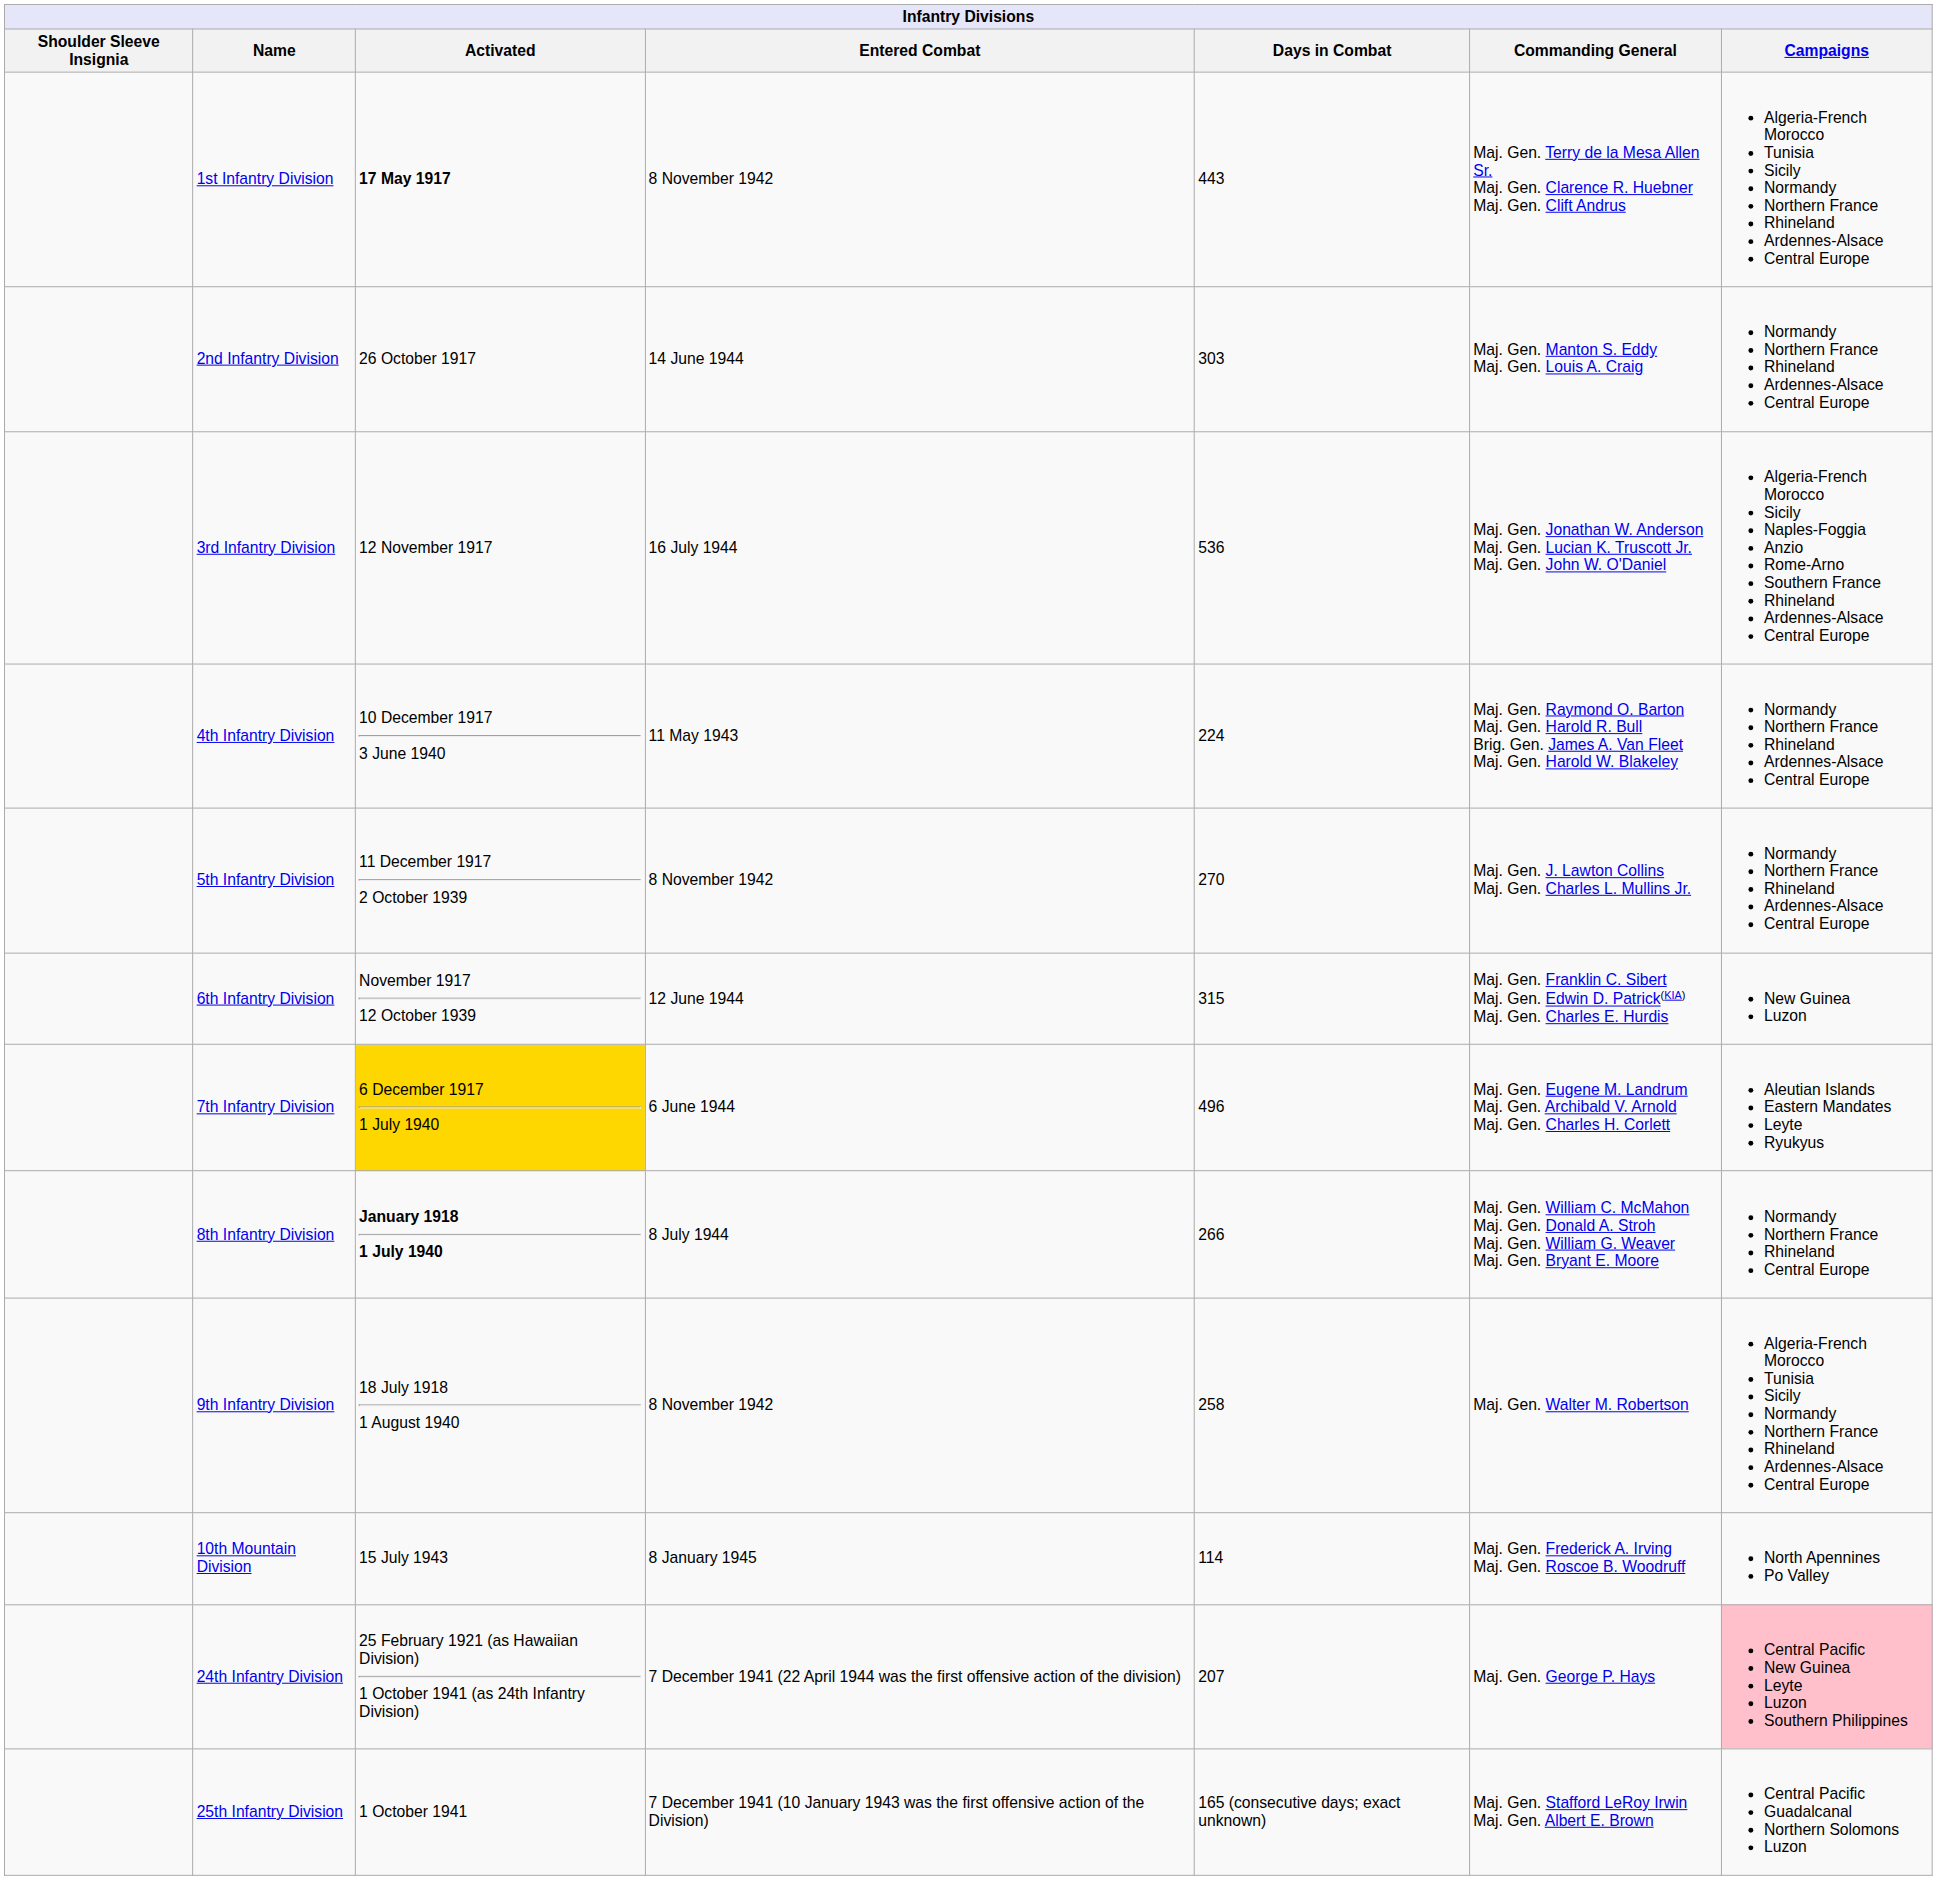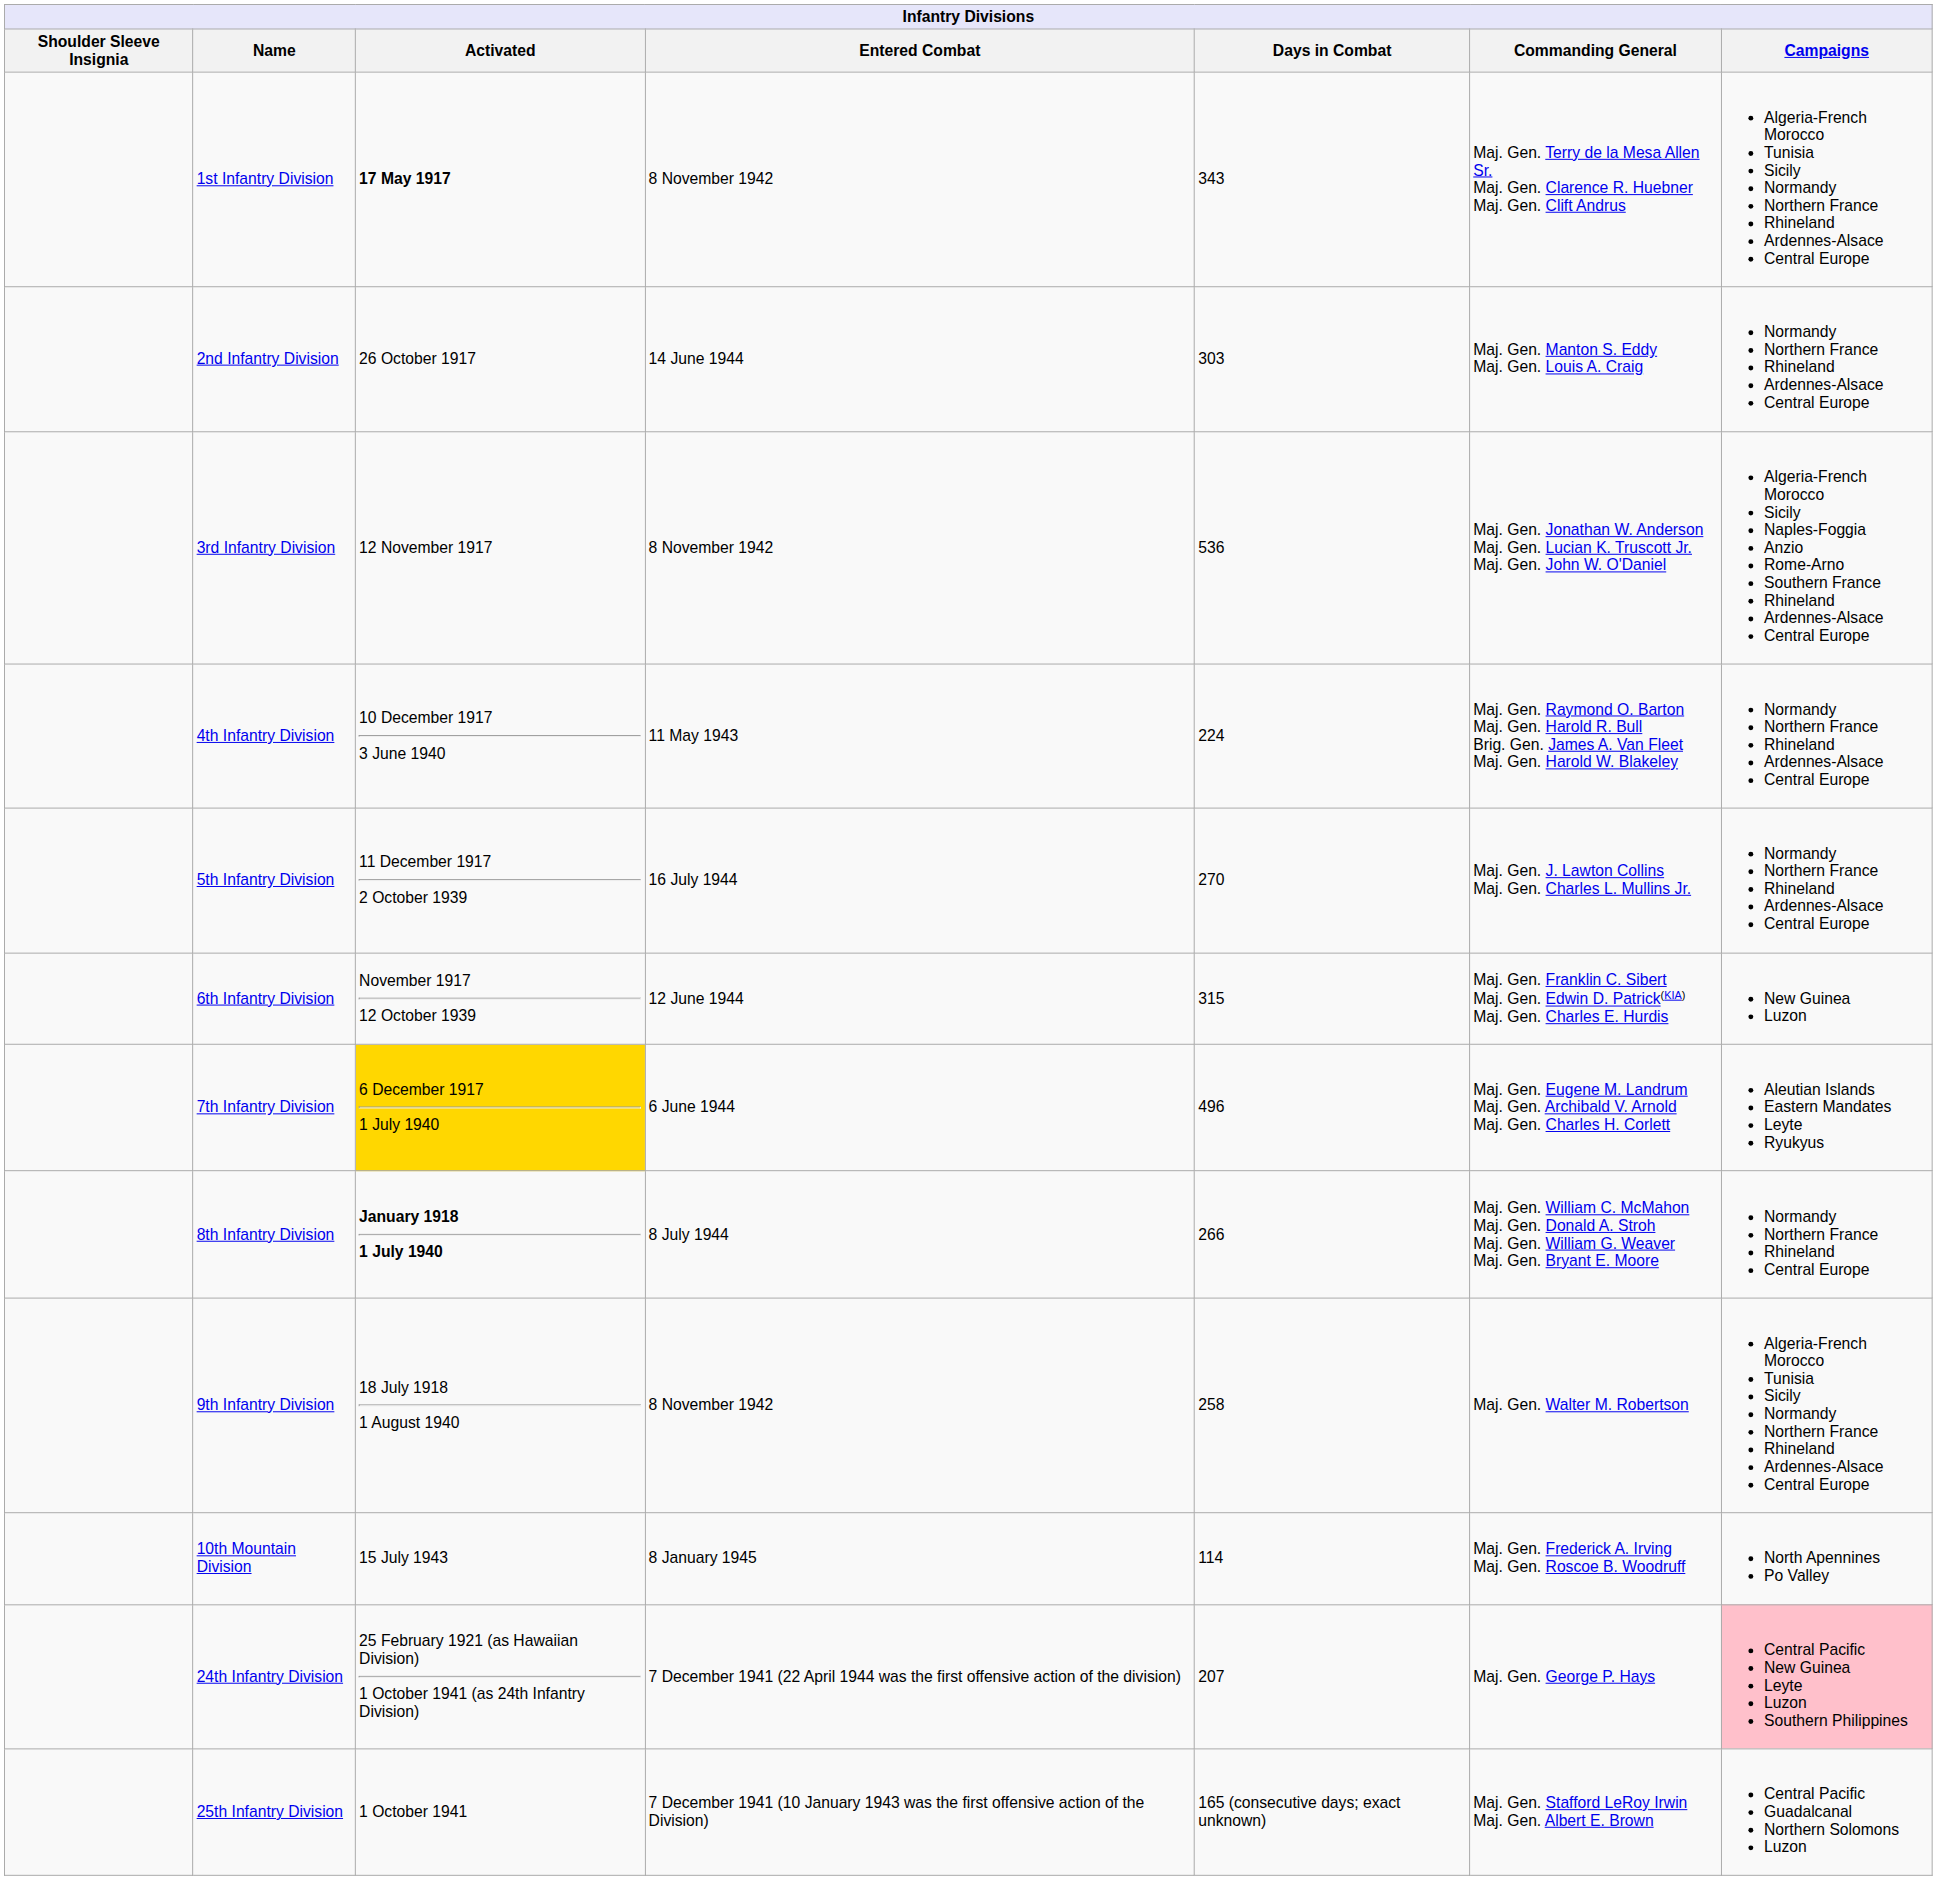 <table class="wikitable">
 <tr>
 <th style="align: center; background: lavender;" colspan="7">Infantry Divisions</th>
 </tr>
 <tr>
 <th style="text-align: center; ">Shoulder Sleeve Insignia</th>
 <th style="text-align: center; ">Name</th>
 <th style="text-align: center; ">Activated</th>
 <th style="text-align: center; ">Entered Combat</th>
 <th style="text-align: center; ">Days in Combat</th>
 <th style="text-align: center; ">Commanding General</th>
 <th style="text-align: center; "><a href='#'>Campaigns</a></th>
 </tr>
 <tr>
 <td></td>
 <td><a href='#'>1st Infantry Division</a></td>
 <td><strong>17 May 1917</strong></td>
 <td>8 November 1942</td>
-<td>443</td>
+<td>343</td>
 <td>Maj. Gen. <a href='#'>Terry de la Mesa Allen Sr.</a><br>Maj. Gen. <a href='#'>Clarence R. Huebner</a><br>Maj. Gen. <a href='#'>Clift Andrus</a></td>
 <td><br><ul><li>Algeria-French Morocco</li><li>Tunisia</li><li>Sicily</li><li>Normandy</li><li>Northern France</li><li>Rhineland</li><li>Ardennes-Alsace</li><li>Central Europe</li></ul></td>
 </tr>
 <tr>
 <td></td>
 <td><a href='#'>2nd Infantry Division</a></td>
 <td>26 October 1917</td>
 <td>14 June 1944</td>
 <td>303</td>
 <td>Maj. Gen. <a href='#'>Manton S. Eddy</a><br>Maj. Gen. <a href='#'>Louis A. Craig</a></td>
 <td><br><ul><li>Normandy</li><li>Northern France</li><li>Rhineland</li><li>Ardennes-Alsace</li><li>Central Europe</li></ul></td>
 </tr>
 <tr>
 <td></td>
 <td><a href='#'>3rd Infantry Division</a></td>
 <td>12 November 1917</td>
-<td>16 July 1944</td>
+<td>8 November 1942</td>
 <td>536</td>
 <td>Maj. Gen. <a href='#'>Jonathan W. Anderson</a><br>Maj. Gen. <a href='#'>Lucian K. Truscott Jr.</a><br>Maj. Gen. <a href='#'>John W. O'Daniel</a></td>
 <td><br><ul><li>Algeria-French Morocco</li><li>Sicily</li><li>Naples-Foggia</li><li>Anzio</li><li>Rome-Arno</li><li>Southern France</li><li>Rhineland</li><li>Ardennes-Alsace</li><li>Central Europe</li></ul></td>
 </tr>
 <tr>
 <td></td>
 <td><a href='#'>4th Infantry Division</a></td>
 <td>10 December 1917 <hr> 3 June 1940</td>
 <td>11 May 1943</td>
 <td>224</td>
 <td>Maj. Gen. <a href='#'>Raymond O. Barton</a><br>Maj. Gen. <a href='#'>Harold R. Bull</a><br>Brig. Gen. <a href='#'>James A. Van Fleet</a><br>Maj. Gen. <a href='#'>Harold W. Blakeley</a></td>
 <td><br><ul><li>Normandy</li><li>Northern France</li><li>Rhineland</li><li>Ardennes-Alsace</li><li>Central Europe</li></ul></td>
 </tr>
 <tr>
 <td></td>
 <td><a href='#'>5th Infantry Division</a></td>
 <td>11 December 1917 <hr> 2 October 1939</td>
-<td>8 November 1942</td>
+<td>16 July 1944</td>
 <td>270</td>
 <td>Maj. Gen. <a href='#'>J. Lawton Collins</a><br>Maj. Gen. <a href='#'>Charles L. Mullins Jr.</a></td>
 <td><br><ul><li>Normandy</li><li>Northern France</li><li>Rhineland</li><li>Ardennes-Alsace</li><li>Central Europe</li></ul></td>
 </tr>
 <tr>
 <td></td>
 <td><a href='#'>6th Infantry Division</a></td>
 <td>November 1917 <hr> 12 October 1939</td>
 <td>12 June 1944</td>
 <td>315</td>
 <td>Maj. Gen. <a href='#'>Franklin C. Sibert</a><br>Maj. Gen. <a href='#'>Edwin D. Patrick</a><small><sup>(<a href='#'>KIA</a>)</sup></small><br>Maj. Gen. <a href='#'>Charles E. Hurdis</a></td>
 <td><br><ul><li>New Guinea</li><li>Luzon</li></ul></td>
 </tr>
 <tr>
 <td></td>
 <td><a href='#'>7th Infantry Division</a></td>
 <td style="background: gold;">6 December 1917 <hr> 1 July 1940</td>
 <td>6 June 1944</td>
 <td>496</td>
 <td>Maj. Gen. <a href='#'>Eugene M. Landrum</a><br>Maj. Gen. <a href='#'>Archibald V. Arnold</a><br>Maj. Gen. <a href='#'>Charles H. Corlett</a></td>
 <td><br><ul><li>Aleutian Islands</li><li>Eastern Mandates</li><li>Leyte</li><li>Ryukyus</li></ul></td>
 </tr>
 <tr>
 <td></td>
 <td><a href='#'>8th Infantry Division</a></td>
 <td><strong>January 1918 <hr> 1 July 1940</strong></td>
 <td>8 July 1944</td>
 <td>266</td>
 <td>Maj. Gen. <a href='#'>William C. McMahon</a><br>Maj. Gen. <a href='#'>Donald A. Stroh</a><br>Maj. Gen. <a href='#'>William G. Weaver</a><br>Maj. Gen. <a href='#'>Bryant E. Moore</a></td>
 <td><br><ul><li>Normandy</li><li>Northern France</li><li>Rhineland</li><li>Central Europe</li></ul></td>
 </tr>
 <tr>
 <td></td>
 <td><a href='#'>9th Infantry Division</a></td>
 <td>18 July 1918 <hr> 1 August 1940</td>
 <td>8 November 1942</td>
 <td>258</td>
 <td>Maj. Gen. <a href='#'>Walter M. Robertson</a></td>
 <td><br><ul><li>Algeria-French Morocco</li><li>Tunisia</li><li>Sicily</li><li>Normandy</li><li>Northern France</li><li>Rhineland</li><li>Ardennes-Alsace</li><li>Central Europe</li></ul></td>
 </tr>
 <tr>
 <td></td>
 <td><a href='#'>10th Mountain Division</a></td>
 <td>15 July 1943</td>
 <td>8 January 1945</td>
 <td>114</td>
 <td>Maj. Gen. <a href='#'>Frederick A. Irving</a><br>Maj. Gen. <a href='#'>Roscoe B. Woodruff</a></td>
 <td><br><ul><li>North Apennines</li><li>Po Valley</li></ul></td>
 </tr>
 <tr>
 <td></td>
 <td><a href='#'>24th Infantry Division</a></td>
 <td>25 February 1921 (as Hawaiian Division) <hr> 1 October 1941 (as 24th Infantry Division)</td>
 <td>7 December 1941 (22 April 1944 was the first offensive action of the division)</td>
 <td>207</td>
 <td>Maj. Gen. <a href='#'>George P. Hays</a></td>
 <td style="background: pink;"><br><ul><li>Central Pacific</li><li>New Guinea</li><li>Leyte</li><li>Luzon</li><li>Southern Philippines</li></ul></td>
 </tr>
 <tr>
 <td></td>
 <td><a href='#'>25th Infantry Division</a></td>
 <td>1 October 1941</td>
 <td>7 December 1941 (10 January 1943 was the first offensive action of the Division)</td>
 <td>165 (consecutive days; exact unknown)</td>
 <td>Maj. Gen. <a href='#'>Stafford LeRoy Irwin</a><br>Maj. Gen. <a href='#'>Albert E. Brown</a></td>
 <td><br><ul><li>Central Pacific</li><li>Guadalcanal</li><li>Northern Solomons</li><li>Luzon</li></ul></td>
 </tr>
 </table>
